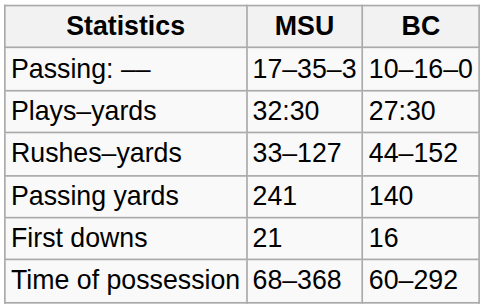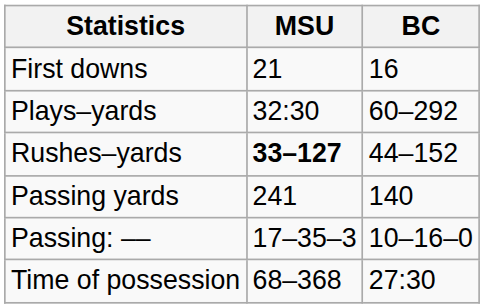 <table class="wikitable" style="float:left">
 <tr>
 <th>Statistics</th>
 <th>MSU</th>
 <th>BC</th>
 </tr>
 <tr>
-<td>Passing: ––</td>
-<td>17–35–3</td>
-<td>10–16–0</td>
+<td>First downs</td>
+<td>21</td>
+<td>16</td>
 </tr>
 <tr>
 <td>Plays–yards</td>
 <td>32:30</td>
-<td>27:30</td>
+<td>60–292</td>
 </tr>
 <tr>
 <td>Rushes–yards</td>
-<td>33–127</td>
+<td><strong>33–127</strong></td>
 <td>44–152</td>
 </tr>
 <tr>
 <td>Passing yards</td>
 <td>241</td>
 <td>140</td>
 </tr>
 <tr>
-<td>First downs</td>
-<td>21</td>
-<td>16</td>
+<td>Passing: ––</td>
+<td>17–35–3</td>
+<td>10–16–0</td>
 </tr>
 <tr>
 <td>Time of possession</td>
 <td>68–368</td>
-<td>60–292</td>
+<td>27:30</td>
 </tr>
 </table>
